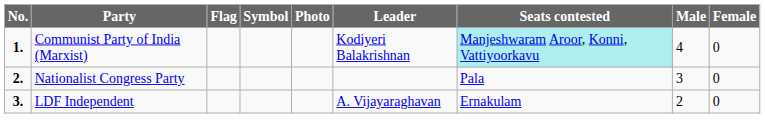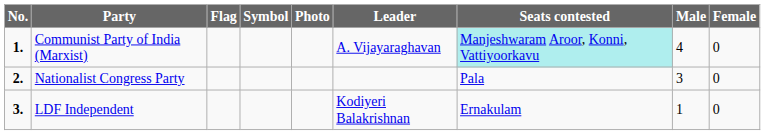 <table class="wikitable sortable" width="65%" style="font-size: 95%;">
 <tr>
 <th style="background-color:#666666; color:white">No.</th>
 <th style="background-color:#666666; color:white">Party</th>
 <th style="background-color:#666666; color:white">Flag</th>
 <th style="background-color:#666666; color:white">Symbol</th>
 <th style="background-color:#666666; color:white">Photo</th>
 <th style="background-color:#666666; color:white">Leader</th>
 <th style="background-color:#666666; color:white">Seats contested</th>
 <th style="background-color:#666666; color:white">Male</th>
 <th style="background-color:#666666; color:white">Female</th>
 </tr>
 <tr>
 <td ! style="text-align:center; background:"><strong>1.</strong></td>
 <td><a href='#'>Communist Party of India (Marxist)</a></td>
 <td></td>
 <td></td>
 <td></td>
-<td><a href='#'>Kodiyeri Balakrishnan</a></td>
+<td><a href='#'>A. Vijayaraghavan</a></td>
 <td style="background: paleturquoise;"><a href='#'>Manjeshwaram</a> <a href='#'>Aroor</a>, <a href='#'>Konni</a>, <a href='#'>Vattiyoorkavu</a></td>
 <td>4</td>
 <td>0</td>
 </tr>
 <tr>
 <td ! style="text-align:center; background:"><strong>2.</strong></td>
 <td><a href='#'>Nationalist Congress Party</a></td>
 <td></td>
 <td></td>
 <td></td>
 <td></td>
 <td><a href='#'>Pala</a></td>
 <td>3</td>
 <td>0</td>
 </tr>
 <tr>
 <td ! style="text-align:center; background:"><strong>3.</strong></td>
 <td><a href='#'>LDF Independent</a></td>
 <td></td>
 <td></td>
 <td></td>
-<td><a href='#'>A. Vijayaraghavan</a></td>
+<td><a href='#'>Kodiyeri Balakrishnan</a></td>
 <td><a href='#'>Ernakulam</a></td>
-<td>2</td>
+<td>1</td>
 <td>0</td>
 </tr>
 </table>
